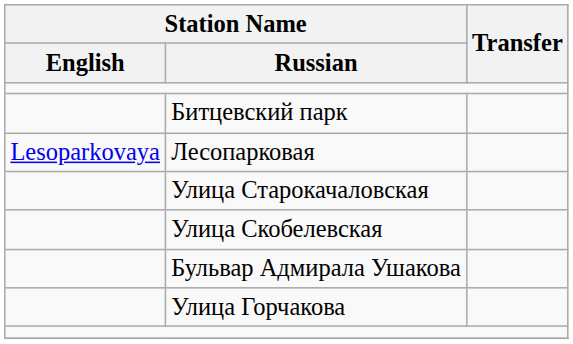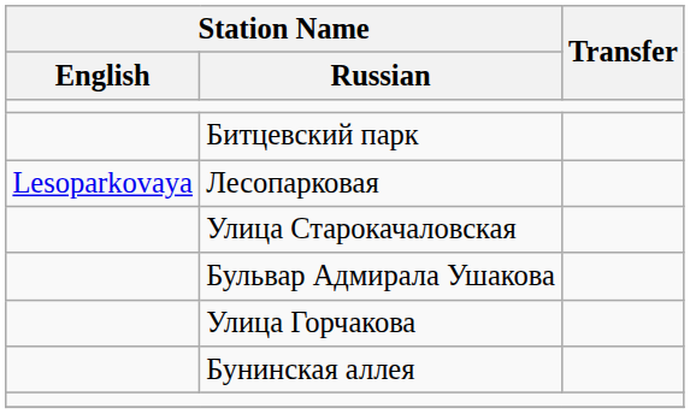 <table class="wikitable">
 <tr>
 <th colspan="2">Station Name</th>
 <th rowspan="2">Transfer</th>
 </tr>
 <tr>
 <th>English</th>
 <th>Russian</th>
 </tr>
 <tr>
 <td colspan = "3"></td>
 </tr>
 <tr>
 <td></td>
 <td>Битцевский парк</td>
 <td></td>
 </tr>
 <tr>
 <td><a href='#'>Lesoparkovaya</a></td>
 <td>Лесопарковая</td>
 <td></td>
 </tr>
 <tr>
 <td></td>
 <td>Улица Старокачаловская</td>
 <td></td>
 </tr>
 <tr>
 <td></td>
-<td>Улица Скобелевская</td>
-<td></td>
-</tr>
-<tr>
-<td></td>
 <td>Бульвар Адмирала Ушакова</td>
 <td></td>
 </tr>
 <tr>
 <td></td>
 <td>Улица Горчакова</td>
 <td></td>
 </tr>
 <tr>
+<td></td>
+<td>Бунинская аллея</td>
+<td></td>
+</tr>
+<tr>
 <td colspan = "3"></td>
 </tr>
 <tr>
 </tr>
 </table>
